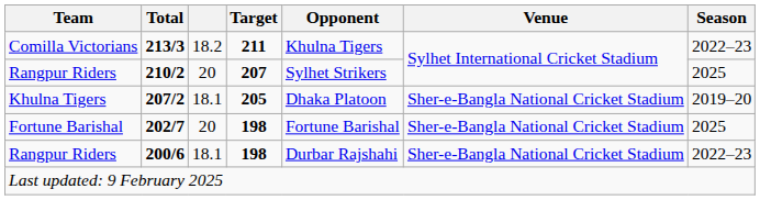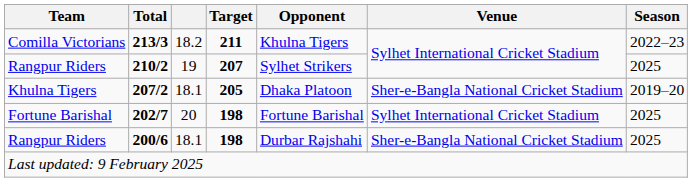 <table class="wikitable" style="align:center;">
 <tr>
 <th>Team</th>
 <th>Total</th>
 <th></th>
 <th>Target</th>
 <th>Opponent</th>
 <th>Venue</th>
 <th>Season</th>
 </tr>
 <tr>
 <td><a href='#'>Comilla Victorians</a></td>
 <td><strong>213/3</strong></td>
 <td align=center>18.2</td>
 <td align=center><strong>211</strong></td>
 <td><a href='#'>Khulna Tigers</a></td>
 <td rowspan="2"><a href='#'>Sylhet International Cricket Stadium</a></td>
 <td>2022–23</td>
 </tr>
 <tr>
 <td><a href='#'>Rangpur Riders</a></td>
 <td><strong>210/2</strong></td>
-<td align="center">20</td>
+<td align="center">19</td>
 <td align="center"><strong>207</strong></td>
 <td><a href='#'>Sylhet Strikers</a></td>
 <td>2025</td>
 </tr>
 <tr>
 <td><a href='#'>Khulna Tigers</a></td>
 <td><strong>207/2</strong></td>
 <td align="center">18.1</td>
 <td align="center"><strong>205</strong></td>
 <td><a href='#'>Dhaka Platoon</a></td>
 <td><a href='#'>Sher-e-Bangla National Cricket Stadium</a></td>
 <td>2019–20</td>
 </tr>
 <tr>
 <td><a href='#'>Fortune Barishal</a></td>
 <td><strong>202/7</strong></td>
 <td align="center">20</td>
 <td align="center"><strong>198</strong></td>
 <td><a href='#'>Fortune Barishal</a></td>
-<td><a href='#'>Sher-e-Bangla National Cricket Stadium</a></td>
+<td><a href='#'>Sylhet International Cricket Stadium</a></td>
 <td>2025</td>
 </tr>
 <tr>
 <td><a href='#'>Rangpur Riders</a></td>
 <td><strong>200/6</strong></td>
 <td align="center">18.1</td>
 <td align="center"><strong>198</strong></td>
 <td><a href='#'>Durbar Rajshahi</a></td>
 <td><a href='#'>Sher-e-Bangla National Cricket Stadium</a></td>
-<td>2022–23</td>
+<td>2025</td>
 </tr>
 <tr>
 <td colspan=8><em>Last updated: 9 February 2025</em></td>
 </tr>
 </table>
